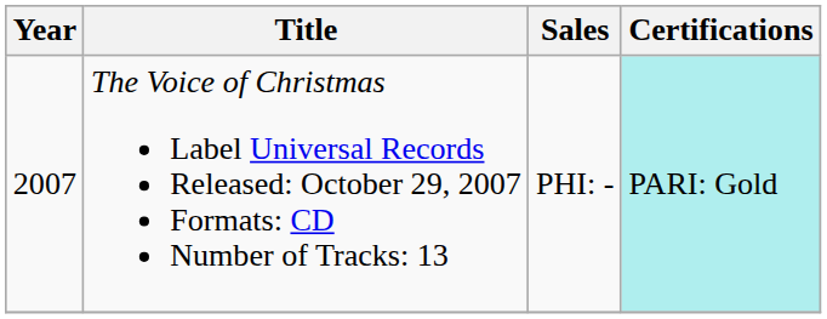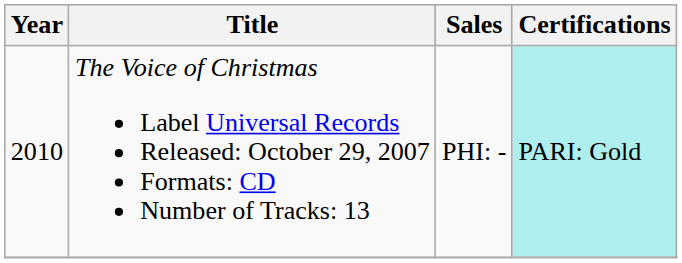 <table class="wikitable">
 <tr>
 <th>Year</th>
 <th>Title</th>
 <th>Sales</th>
 <th>Certifications</th>
 </tr>
 <tr>
-<td>2007</td>
+<td>2010</td>
 <td><em>The Voice of Christmas</em><br><ul><li>Label <a href='#'>Universal Records</a></li><li>Released: October 29, 2007</li><li>Formats: <a href='#'>CD</a></li><li>Number of Tracks: 13</li></ul></td>
 <td>PHI: -</td>
 <td style="background: paleturquoise;">PARI: Gold</td>
 </tr>
 <tr>
 </tr>
 </table>
